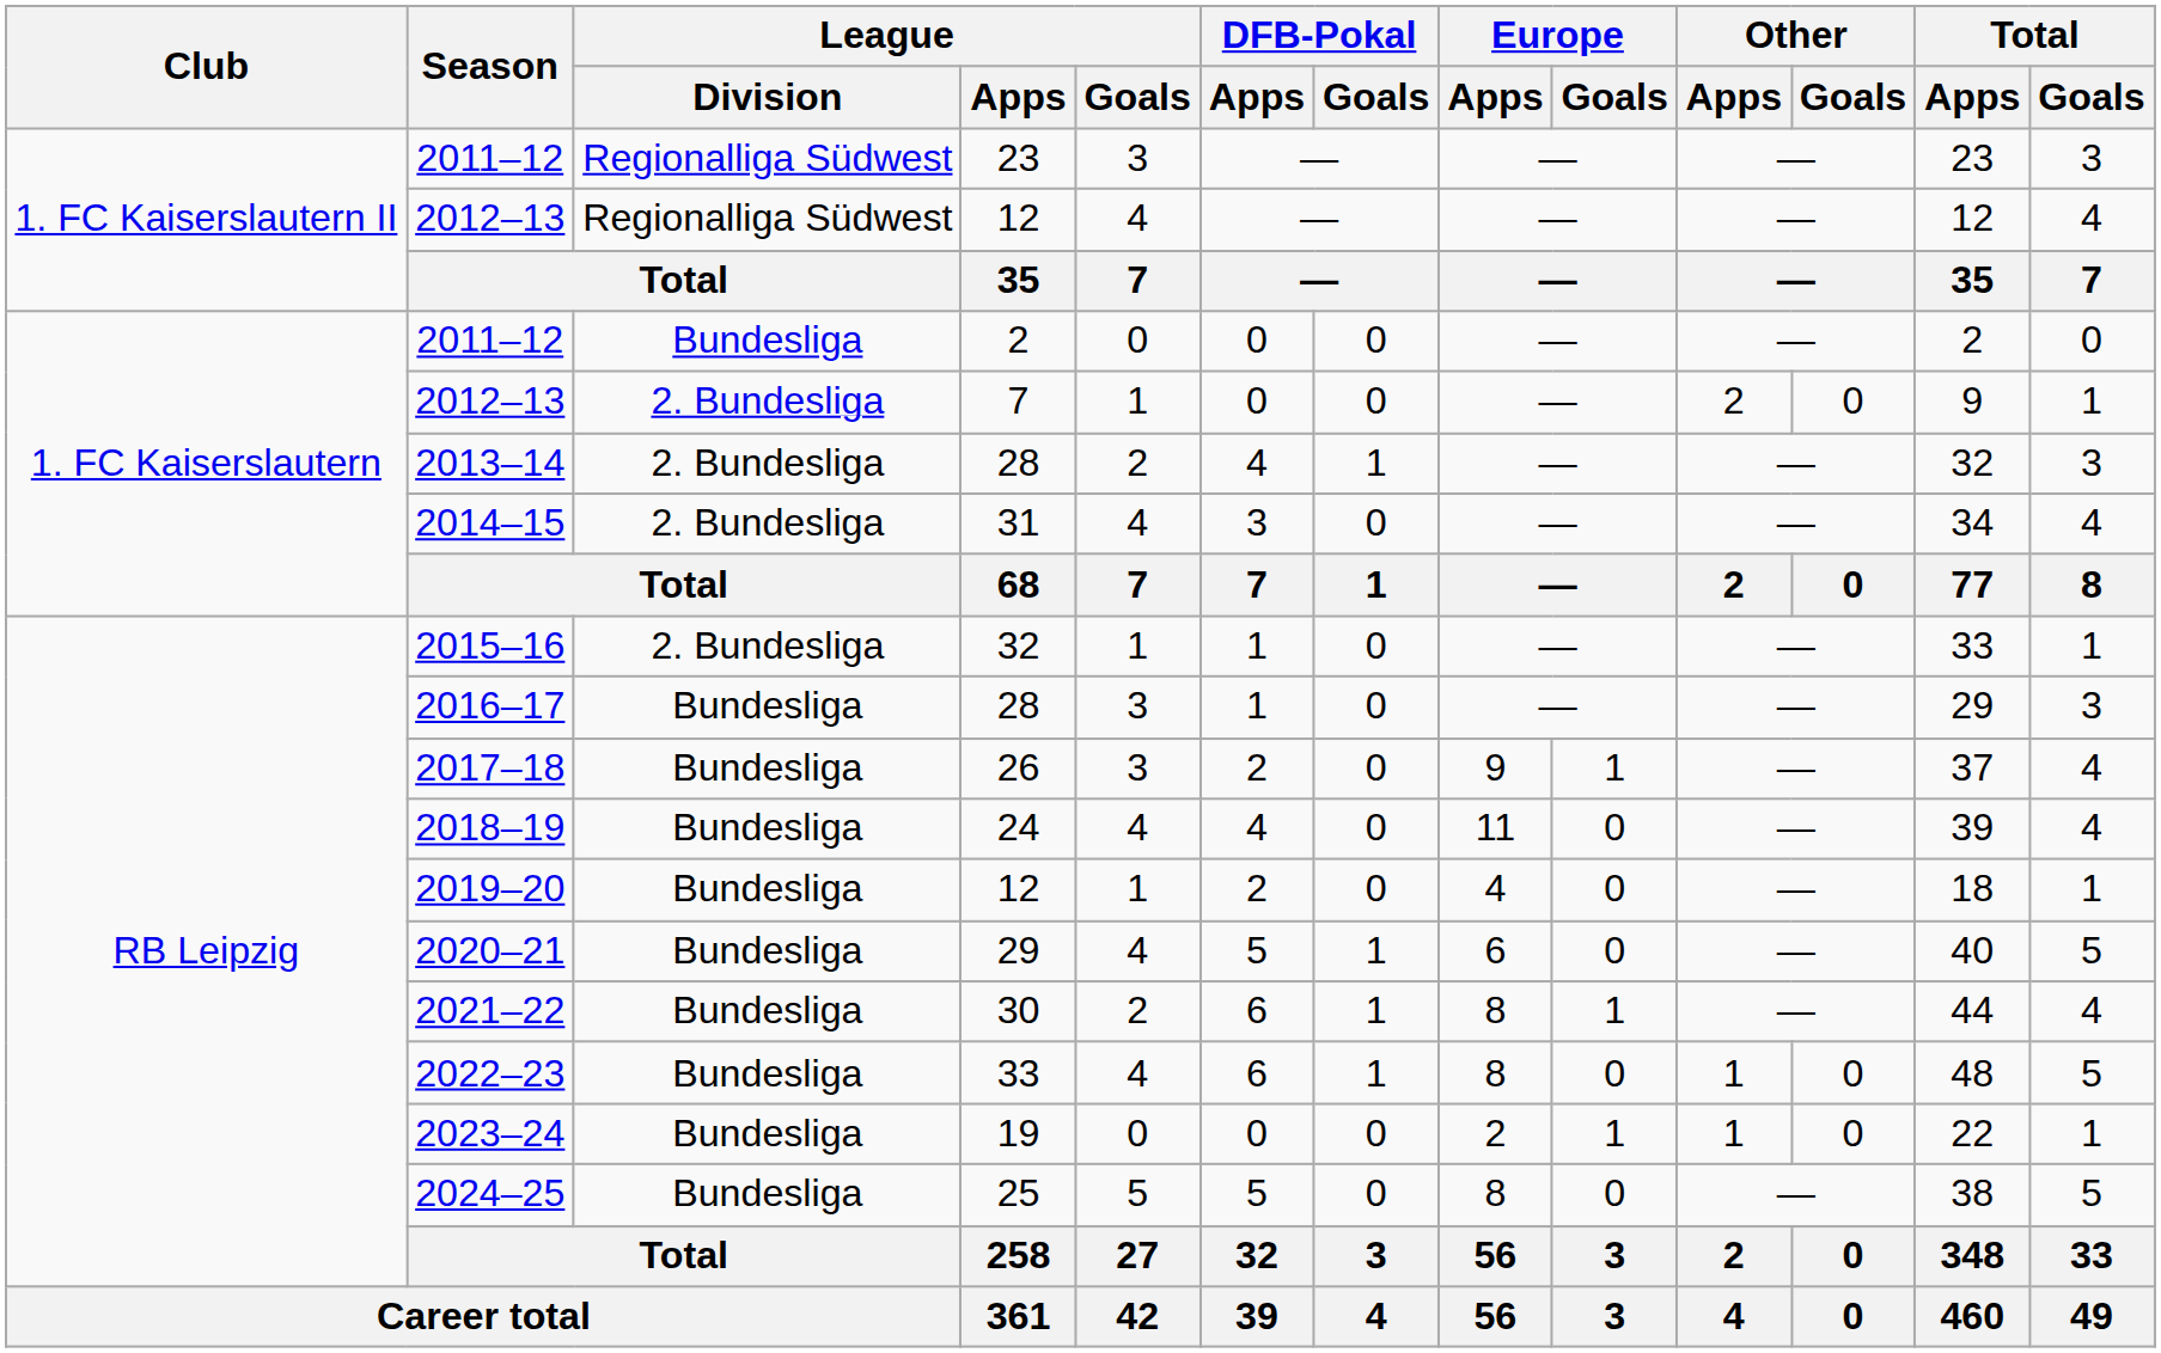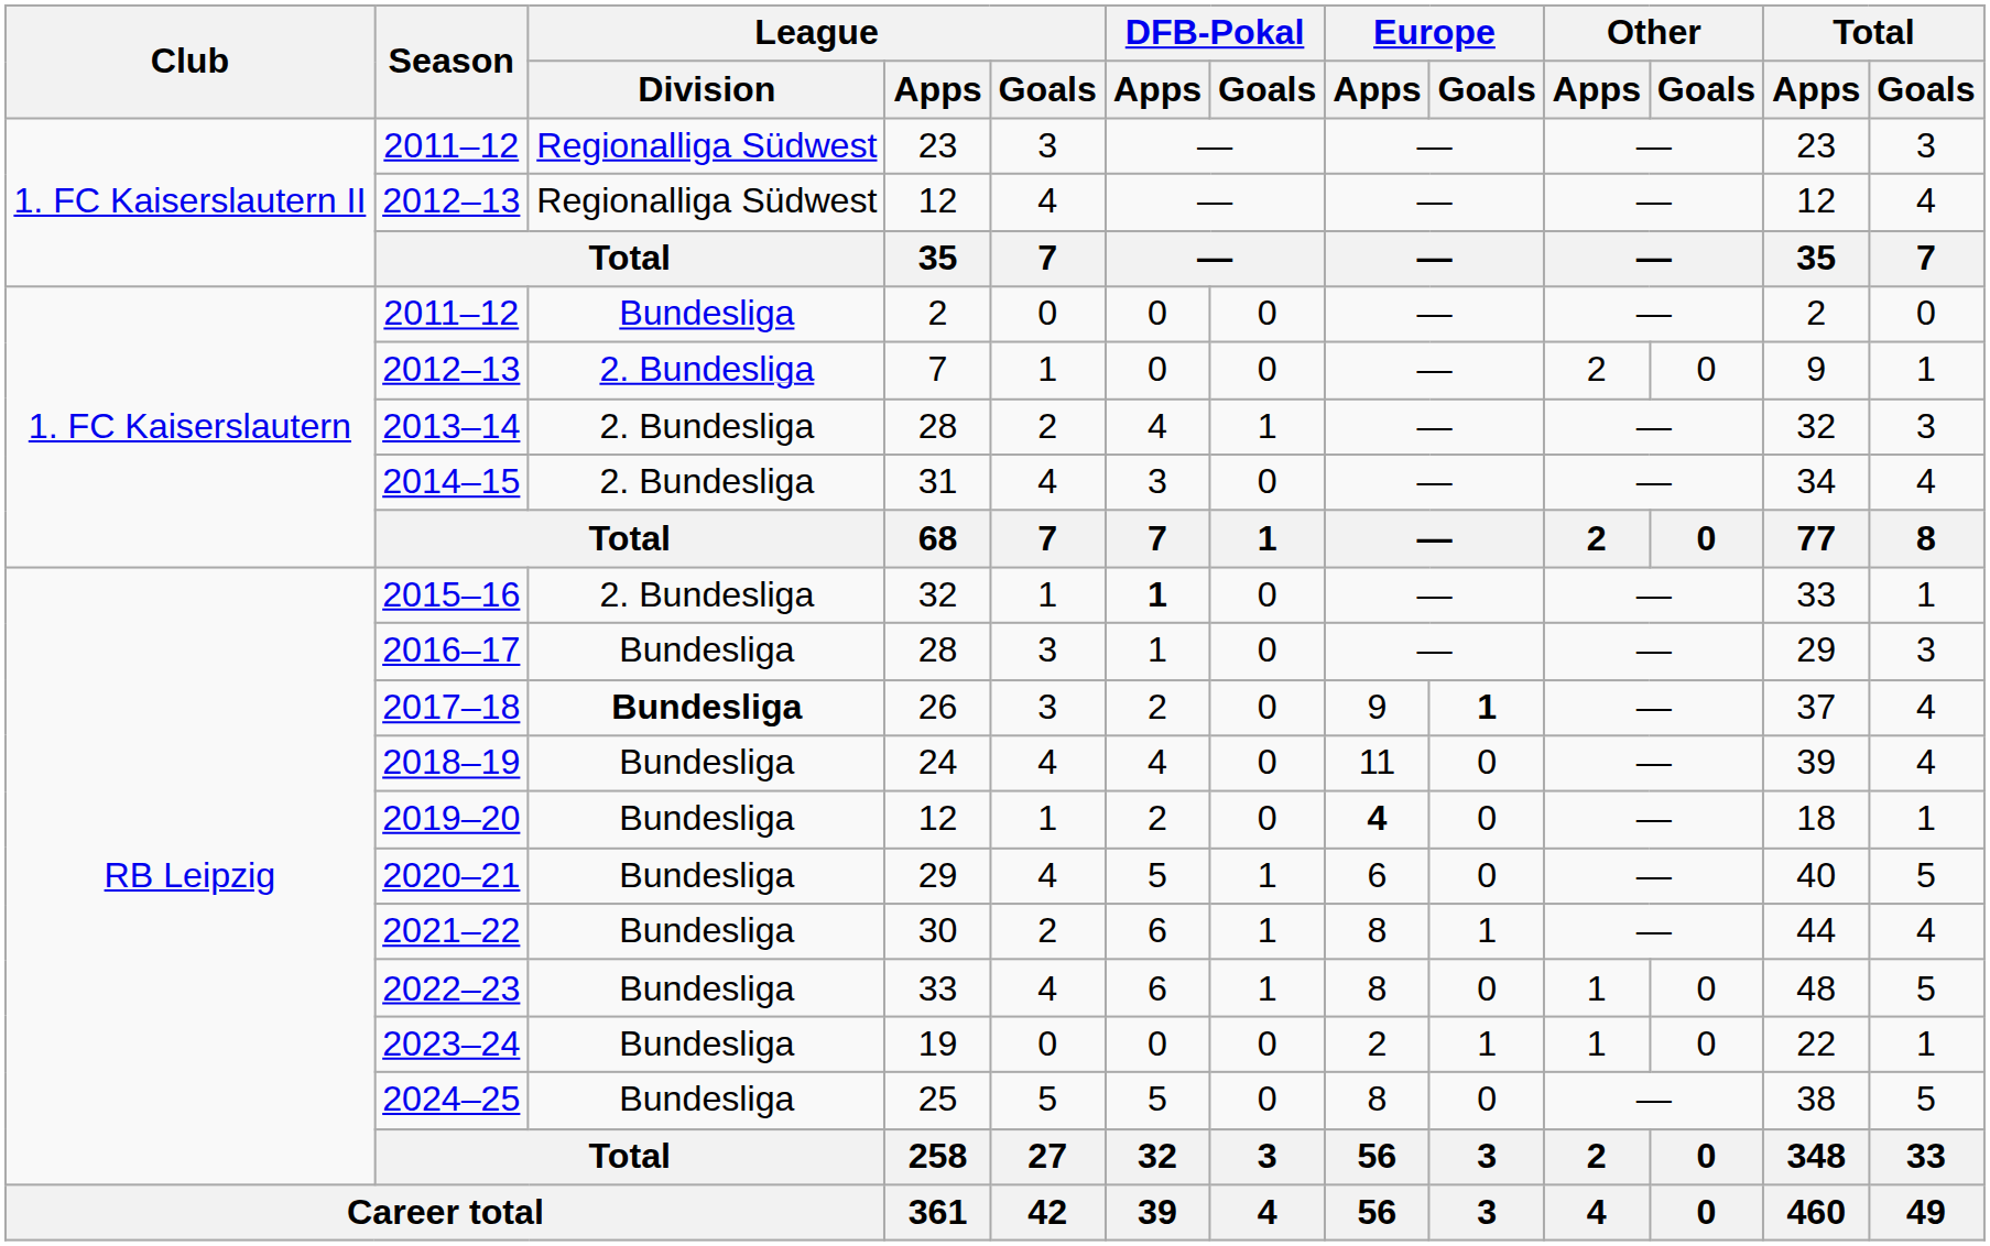 <table class="wikitable" style="text-align: center">
 <tr>
 <th rowspan="2">Club</th>
 <th rowspan="2">Season</th>
 <th colspan="3">League</th>
 <th colspan="2"><a href='#'>DFB-Pokal</a></th>
 <th colspan="2"><a href='#'>Europe</a></th>
 <th colspan="2">Other</th>
 <th colspan="2">Total</th>
 </tr>
 <tr>
 <th>Division</th>
 <th>Apps</th>
 <th>Goals</th>
 <th>Apps</th>
 <th>Goals</th>
 <th>Apps</th>
 <th>Goals</th>
 <th>Apps</th>
 <th>Goals</th>
 <th>Apps</th>
 <th>Goals</th>
 </tr>
 <tr>
 <td rowspan="3"><a href='#'>1. FC Kaiserslautern II</a></td>
 <td><a href='#'>2011–12</a></td>
 <td><a href='#'>Regionalliga Südwest</a></td>
 <td>23</td>
 <td>3</td>
 <td colspan="2">—</td>
 <td colspan="2">—</td>
 <td colspan="2">—</td>
 <td>23</td>
 <td>3</td>
 </tr>
 <tr>
 <td><a href='#'>2012–13</a></td>
 <td>Regionalliga Südwest</td>
 <td>12</td>
 <td>4</td>
 <td colspan="2">—</td>
 <td colspan="2">—</td>
 <td colspan="2">—</td>
 <td>12</td>
 <td>4</td>
 </tr>
 <tr>
 <th colspan="2">Total</th>
 <th>35</th>
 <th>7</th>
 <th colspan="2">—</th>
 <th colspan="2">—</th>
 <th colspan="2">—</th>
 <th>35</th>
 <th>7</th>
 </tr>
 <tr>
 <td rowspan="5"><a href='#'>1. FC Kaiserslautern</a></td>
 <td><a href='#'>2011–12</a></td>
 <td><a href='#'>Bundesliga</a></td>
 <td>2</td>
 <td>0</td>
 <td>0</td>
 <td>0</td>
 <td colspan="2">—</td>
 <td colspan="2">—</td>
 <td>2</td>
 <td>0</td>
 </tr>
 <tr>
 <td><a href='#'>2012–13</a></td>
 <td><a href='#'>2. Bundesliga</a></td>
 <td>7</td>
 <td>1</td>
 <td>0</td>
 <td>0</td>
 <td colspan="2">—</td>
 <td>2</td>
 <td>0</td>
 <td>9</td>
 <td>1</td>
 </tr>
 <tr>
 <td><a href='#'>2013–14</a></td>
 <td>2. Bundesliga</td>
 <td>28</td>
 <td>2</td>
 <td>4</td>
 <td>1</td>
 <td colspan="2">—</td>
 <td colspan="2">—</td>
 <td>32</td>
 <td>3</td>
 </tr>
 <tr>
 <td><a href='#'>2014–15</a></td>
 <td>2. Bundesliga</td>
 <td>31</td>
 <td>4</td>
 <td>3</td>
 <td>0</td>
 <td colspan="2">—</td>
 <td colspan="2">—</td>
 <td>34</td>
 <td>4</td>
 </tr>
 <tr>
 <th colspan="2">Total</th>
 <th>68</th>
 <th>7</th>
 <th>7</th>
 <th>1</th>
 <th colspan="2">—</th>
 <th>2</th>
 <th>0</th>
 <th>77</th>
 <th>8</th>
 </tr>
 <tr>
 <td rowspan="11"><a href='#'>RB Leipzig</a></td>
 <td><a href='#'>2015–16</a></td>
 <td>2. Bundesliga</td>
 <td>32</td>
 <td>1</td>
-<td>1</td>
+<td><strong>1</strong></td>
 <td>0</td>
 <td colspan="2">—</td>
 <td colspan="2">—</td>
 <td>33</td>
 <td>1</td>
 </tr>
 <tr>
 <td><a href='#'>2016–17</a></td>
 <td>Bundesliga</td>
 <td>28</td>
 <td>3</td>
 <td>1</td>
 <td>0</td>
 <td colspan="2">—</td>
 <td colspan="2">—</td>
 <td>29</td>
 <td>3</td>
 </tr>
 <tr>
 <td><a href='#'>2017–18</a></td>
-<td>Bundesliga</td>
+<td><strong>Bundesliga</strong></td>
 <td>26</td>
 <td>3</td>
 <td>2</td>
 <td>0</td>
 <td>9</td>
-<td>1</td>
+<td><strong>1</strong></td>
 <td colspan="2">—</td>
 <td>37</td>
 <td>4</td>
 </tr>
 <tr>
 <td><a href='#'>2018–19</a></td>
 <td>Bundesliga</td>
 <td>24</td>
 <td>4</td>
 <td>4</td>
 <td>0</td>
 <td>11</td>
 <td>0</td>
 <td colspan="2">—</td>
 <td>39</td>
 <td>4</td>
 </tr>
 <tr>
 <td><a href='#'>2019–20</a></td>
 <td>Bundesliga</td>
 <td>12</td>
 <td>1</td>
 <td>2</td>
 <td>0</td>
-<td>4</td>
+<td><strong>4</strong></td>
 <td>0</td>
 <td colspan="2">—</td>
 <td>18</td>
 <td>1</td>
 </tr>
 <tr>
 <td><a href='#'>2020–21</a></td>
 <td>Bundesliga</td>
 <td>29</td>
 <td>4</td>
 <td>5</td>
 <td>1</td>
 <td>6</td>
 <td>0</td>
 <td colspan="2">—</td>
 <td>40</td>
 <td>5</td>
 </tr>
 <tr>
 <td><a href='#'>2021–22</a></td>
 <td>Bundesliga</td>
 <td>30</td>
 <td>2</td>
 <td>6</td>
 <td>1</td>
 <td>8</td>
 <td>1</td>
 <td colspan="2">—</td>
 <td>44</td>
 <td>4</td>
 </tr>
 <tr>
 <td><a href='#'>2022–23</a></td>
 <td>Bundesliga</td>
 <td>33</td>
 <td>4</td>
 <td>6</td>
 <td>1</td>
 <td>8</td>
 <td>0</td>
 <td>1</td>
 <td>0</td>
 <td>48</td>
 <td>5</td>
 </tr>
 <tr>
 <td><a href='#'>2023–24</a></td>
 <td>Bundesliga</td>
 <td>19</td>
 <td>0</td>
 <td>0</td>
 <td>0</td>
 <td>2</td>
 <td>1</td>
 <td>1</td>
 <td>0</td>
 <td>22</td>
 <td>1</td>
 </tr>
 <tr>
 <td><a href='#'>2024–25</a></td>
 <td>Bundesliga</td>
 <td>25</td>
 <td>5</td>
 <td>5</td>
 <td>0</td>
 <td>8</td>
 <td>0</td>
 <td colspan="2">—</td>
 <td>38</td>
 <td>5</td>
 </tr>
 <tr>
 <th colspan="2">Total</th>
 <th>258</th>
 <th>27</th>
 <th>32</th>
 <th>3</th>
 <th>56</th>
 <th>3</th>
 <th>2</th>
 <th>0</th>
 <th>348</th>
 <th>33</th>
 </tr>
 <tr>
 <th colspan="3">Career total</th>
 <th>361</th>
 <th>42</th>
 <th>39</th>
 <th>4</th>
 <th>56</th>
 <th>3</th>
 <th>4</th>
 <th>0</th>
 <th>460</th>
 <th>49</th>
 </tr>
 </table>
